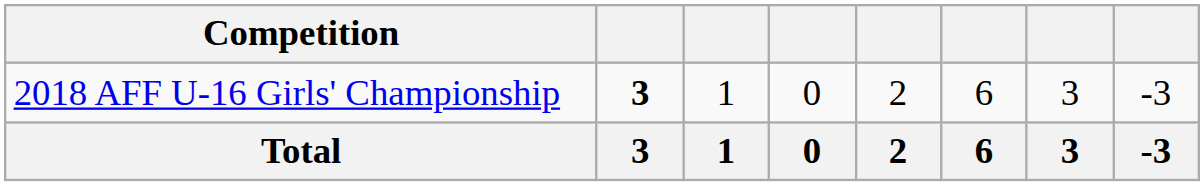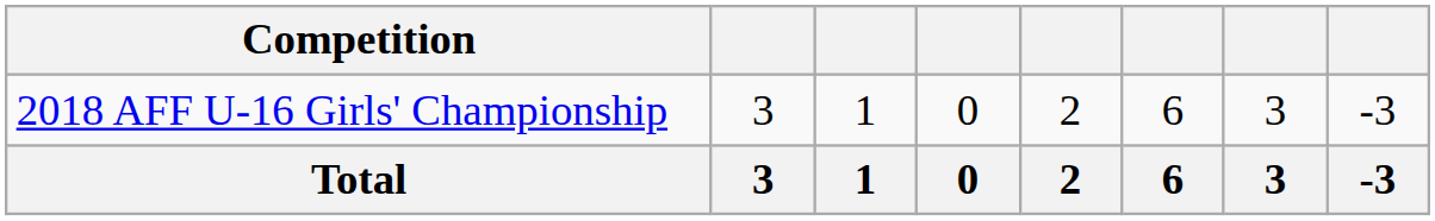 <table class="wikitable" style="text-align: center;">
 <tr>
 <th width=250>Competition</th>
 <th width=30></th>
 <th width=30></th>
 <th width=30></th>
 <th width=30></th>
 <th width=30></th>
 <th width=30></th>
 <th width=30></th>
 </tr>
 <tr>
 <td align=left><a href='#'>2018 AFF U-16 Girls' Championship</a></td>
-<td><strong>3</strong></td>
+<td>3</td>
 <td>1</td>
 <td>0</td>
 <td>2</td>
 <td>6</td>
 <td>3</td>
 <td>-3</td>
 </tr>
 <tr>
 <th>Total</th>
 <th>3</th>
 <th>1</th>
 <th>0</th>
 <th>2</th>
 <th>6</th>
 <th>3</th>
 <th>-3</th>
 </tr>
 </table>
